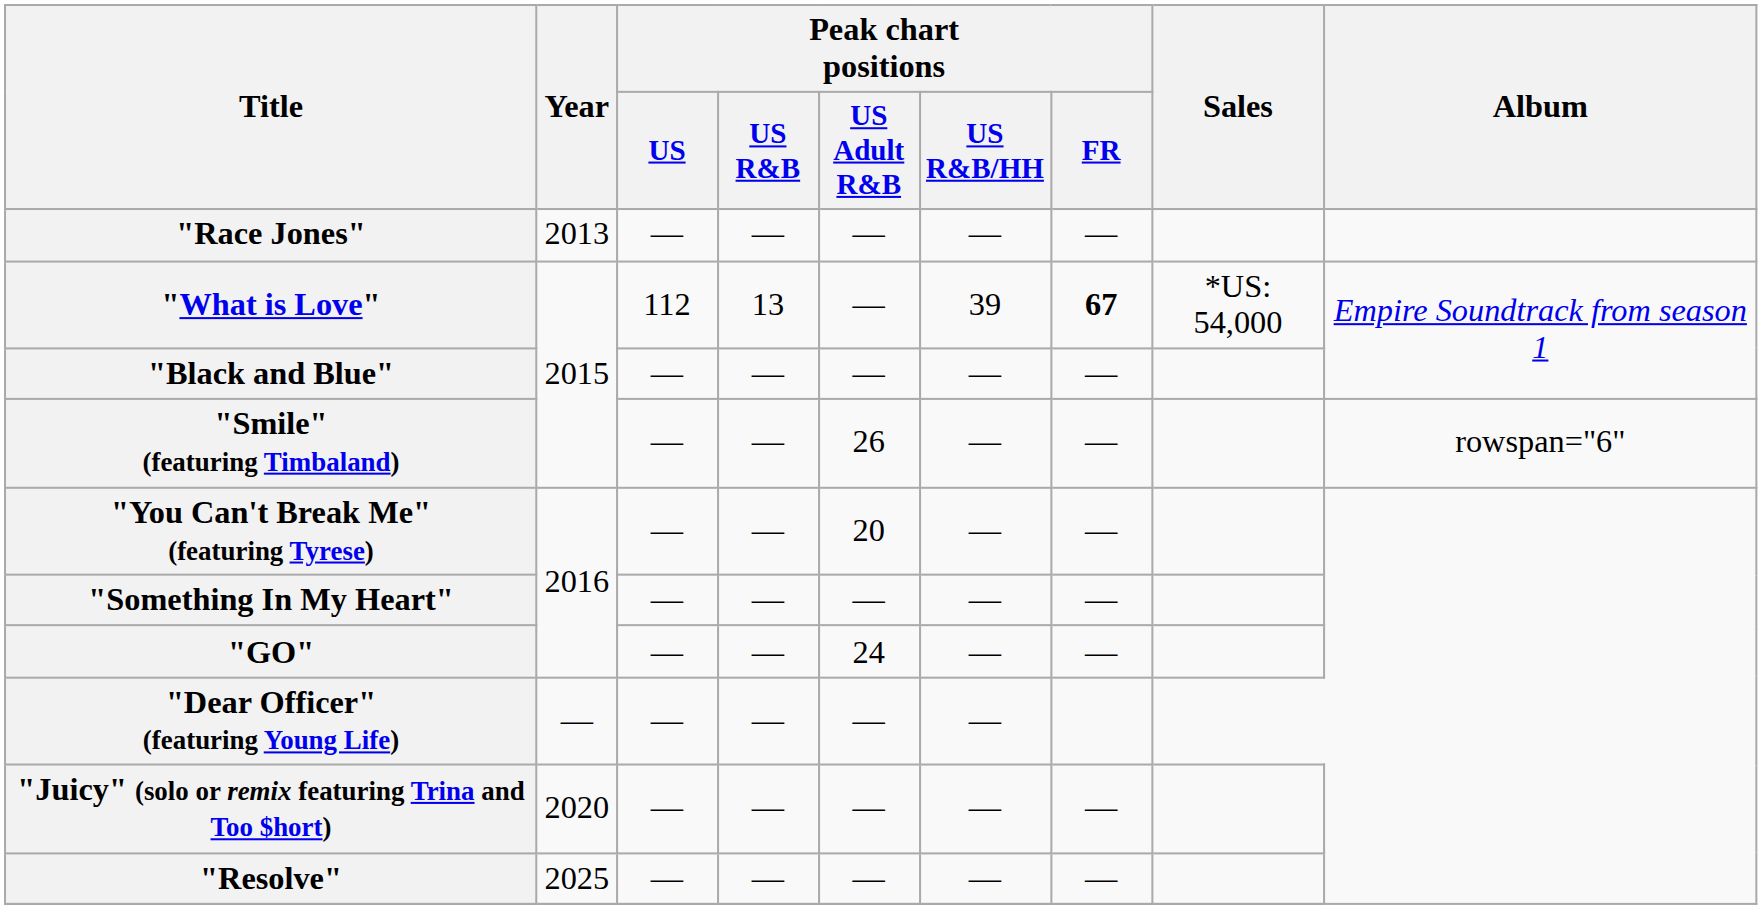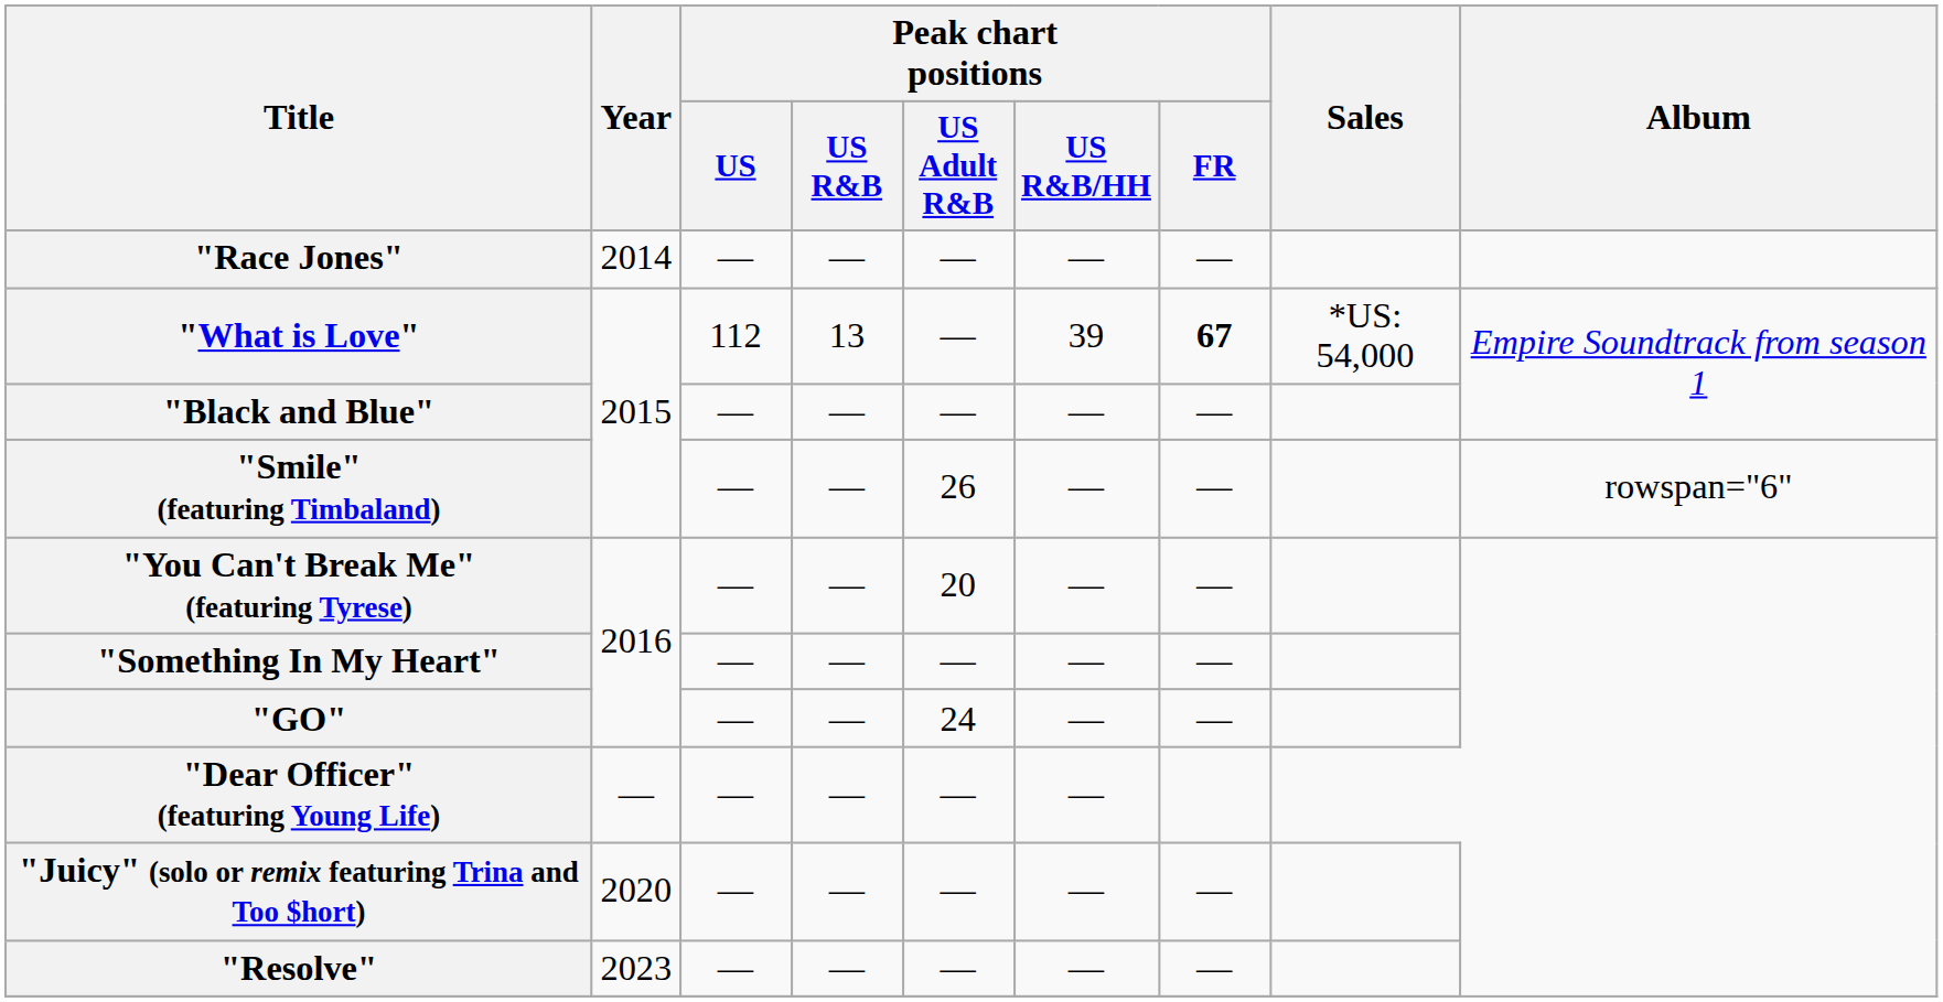 <table class="wikitable plainrowheaders" style="text-align:center;" border="1">
 <tr>
 <th scope="col" rowspan="2" style="width:16em;">Title</th>
 <th scope="col" rowspan="2">Year</th>
 <th scope="col" colspan="5">Peak chart<br>positions</th>
 <th scope="col" rowspan="2">Sales</th>
 <th scope="col" rowspan="2">Album</th>
 </tr>
 <tr>
 <th scope="col" style="width:3em;font-size:90%;"><a href='#'>US</a><br></th>
 <th scope="col" style="width:3em;font-size:90%;"><a href='#'>US<br>R&B</a></th>
 <th scope="col" style="width:3em;font-size:90%;"><a href='#'>US<br>Adult R&B</a><br></th>
 <th scope="col" style="width:3em;font-size:90%;"><a href='#'>US<br>R&B/HH</a><br></th>
 <th scope="col" style="width:3em;font-size:90%;"><a href='#'>FR</a></th>
 </tr>
 <tr>
 <th scope="row">"Race Jones"</th>
-<td>2013</td>
+<td>2014</td>
 <td>—</td>
 <td>—</td>
 <td>—</td>
 <td>—</td>
 <td>—</td>
 <td></td>
 <td></td>
 </tr>
 <tr>
 <th scope="row">"<a href='#'>What is Love</a>"</th>
 <td rowspan="3">2015</td>
 <td>112</td>
 <td>13</td>
 <td>—</td>
 <td>39</td>
 <td><strong>67</strong></td>
 <td>*US: 54,000</td>
 <td rowspan=2><em><a href='#'>Empire Soundtrack from season 1</a></em></td>
 </tr>
 <tr>
 <th scope="row">"Black and Blue"</th>
 <td>—</td>
 <td>—</td>
 <td>—</td>
 <td>—</td>
 <td>—</td>
 <td></td>
 </tr>
 <tr>
 <th scope="row">"Smile"<br><small>(featuring <a href='#'>Timbaland</a>)</small></th>
 <td>—</td>
 <td>—</td>
 <td>26</td>
 <td>—</td>
 <td>—</td>
 <td></td>
 <td>rowspan="6" </td>
 </tr>
 <tr>
 <th scope="row">"You Can't Break Me"<br><small>(featuring <a href='#'>Tyrese</a>)</small></th>
 <td rowspan="3">2016</td>
 <td>—</td>
 <td>—</td>
 <td>20</td>
 <td>—</td>
 <td>—</td>
 <td></td>
 </tr>
 <tr>
 <th scope="row">"Something In My Heart"</th>
 <td>—</td>
 <td>—</td>
 <td>—</td>
 <td>—</td>
 <td>—</td>
 <td></td>
 </tr>
 <tr>
 <th scope="row">"GO"</th>
 <td>—</td>
 <td>—</td>
 <td>24</td>
 <td>—</td>
 <td>—</td>
 <td></td>
 </tr>
 <tr>
 <th scope="row">"Dear Officer"<br><small>(featuring <a href='#'>Young Life</a>)</small></th>
 <td>—</td>
 <td>—</td>
 <td>—</td>
 <td>—</td>
 <td>—</td>
 <td></td>
 </tr>
 <tr>
 <th scope="row">"Juicy" <small>(solo or <em>remix</em> featuring <a href='#'>Trina</a> and <a href='#'>Too $hort</a>)</small></th>
 <td>2020</td>
 <td>—</td>
 <td>—</td>
 <td>—</td>
 <td>—</td>
 <td>—</td>
 <td></td>
 </tr>
 <tr>
 <th scope="row">"Resolve"</th>
-<td>2025</td>
+<td>2023</td>
 <td>—</td>
 <td>—</td>
 <td>—</td>
 <td>—</td>
 <td>—</td>
 <td></td>
 </tr>
 <tr>
 </tr>
 </table>
